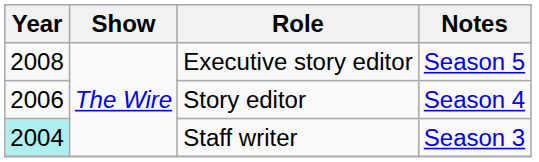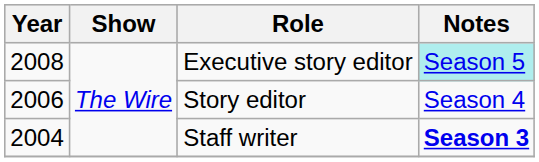 <table class="wikitable" style="font-size: 95%;">
 <tr>
 <th>Year</th>
 <th>Show</th>
 <th>Role</th>
 <th>Notes</th>
 </tr>
 <tr>
 <td>2008</td>
 <td rowspan=3><em><a href='#'>The Wire</a></em></td>
 <td>Executive story editor</td>
-<td><a href='#'>Season 5</a></td>
+<td style="background: paleturquoise;"><a href='#'>Season 5</a></td>
 </tr>
 <tr>
 <td>2006</td>
 <td>Story editor</td>
 <td><a href='#'>Season 4</a></td>
 </tr>
 <tr>
-<td style="background: paleturquoise;">2004</td>
+<td>2004</td>
 <td>Staff writer</td>
-<td><a href='#'>Season 3</a></td>
+<td><strong><a href='#'>Season 3</a></strong></td>
 </tr>
 <tr>
 </tr>
 </table>
